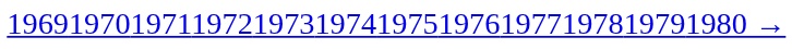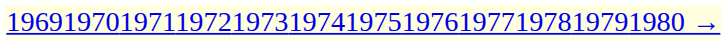 <table id=toc class=toc summary=Contents>
 <tr>
 <th></th>
 </tr>
 <tr>
-<td align=center><a href='#'>1969</a><a href='#'>1970</a><a href='#'>1971</a><a href='#'>1972</a><a href='#'>1973</a><a href='#'>1974</a><a href='#'>1975</a><a href='#'>1976</a><a href='#'>1977</a><a href='#'>1978</a><a href='#'>1979</a><a href='#'>1980 →</a></td>
+<td align=center style="background: lightyellow;"><a href='#'>1969</a><a href='#'>1970</a><a href='#'>1971</a><a href='#'>1972</a><a href='#'>1973</a><a href='#'>1974</a><a href='#'>1975</a><a href='#'>1976</a><a href='#'>1977</a><a href='#'>1978</a><a href='#'>1979</a><a href='#'>1980 →</a></td>
 </tr>
 </table>
